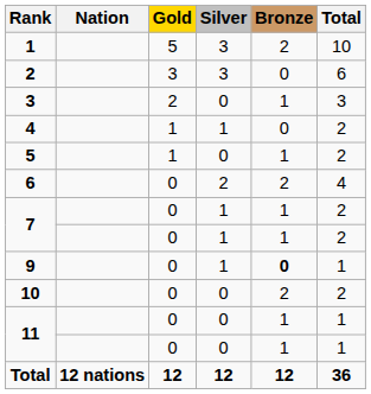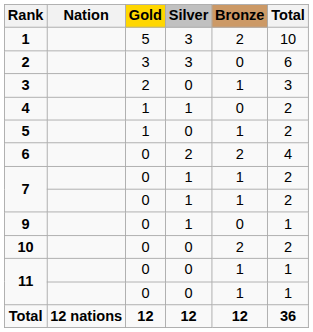 <table class="wikitable plainrowheaders" style="text-align:center;">
 <tr>
 <th>Rank</th>
 <th>Nation</th>
 <th style="background:    gold;">Gold</th>
 <th style="background:  silver;">Silver</th>
 <th style="background: #CC9966;">Bronze</th>
 <th>Total</th>
 </tr>
 <tr>
 <td><strong>1</strong></td>
 <td align=left></td>
 <td>5</td>
 <td>3</td>
 <td>2</td>
 <td>10</td>
 </tr>
 <tr>
 <td><strong>2</strong></td>
 <td align=left></td>
 <td>3</td>
 <td>3</td>
 <td>0</td>
 <td>6</td>
 </tr>
 <tr>
 <td><strong>3</strong></td>
 <td align=left><em></em></td>
 <td>2</td>
 <td>0</td>
 <td>1</td>
 <td>3</td>
 </tr>
 <tr>
 <td><strong>4</strong></td>
 <td align=left></td>
 <td>1</td>
 <td>1</td>
 <td>0</td>
 <td>2</td>
 </tr>
 <tr>
 <td><strong>5</strong></td>
 <td align=left></td>
 <td>1</td>
 <td>0</td>
 <td>1</td>
 <td>2</td>
 </tr>
 <tr>
 <td><strong>6</strong></td>
 <td align=left><em></em></td>
 <td>0</td>
 <td>2</td>
 <td>2</td>
 <td>4</td>
 </tr>
 <tr>
 <td rowspan="2"><strong>7</strong></td>
 <td align=left></td>
 <td>0</td>
 <td>1</td>
 <td>1</td>
 <td>2</td>
 </tr>
 <tr>
 <td align=left></td>
 <td>0</td>
 <td>1</td>
 <td>1</td>
 <td>2</td>
 </tr>
 <tr>
 <td><strong>9</strong></td>
 <td align=left><em></em></td>
 <td>0</td>
 <td>1</td>
-<td><strong>0</strong></td>
+<td>0</td>
 <td>1</td>
 </tr>
 <tr>
 <td><strong>10</strong></td>
 <td align=left></td>
 <td>0</td>
 <td>0</td>
 <td>2</td>
 <td>2</td>
 </tr>
 <tr>
 <td rowspan="2"><strong>11</strong></td>
 <td align=left></td>
 <td>0</td>
 <td>0</td>
 <td>1</td>
 <td>1</td>
 </tr>
 <tr>
 <td align=left></td>
 <td>0</td>
 <td>0</td>
 <td>1</td>
 <td>1</td>
 </tr>
 <tr>
 <td><strong>Total</strong></td>
 <td><strong>12 nations</strong></td>
 <td><strong>12</strong></td>
 <td><strong>12</strong></td>
 <td><strong>12</strong></td>
 <td><strong>36</strong></td>
 </tr>
 </table>
